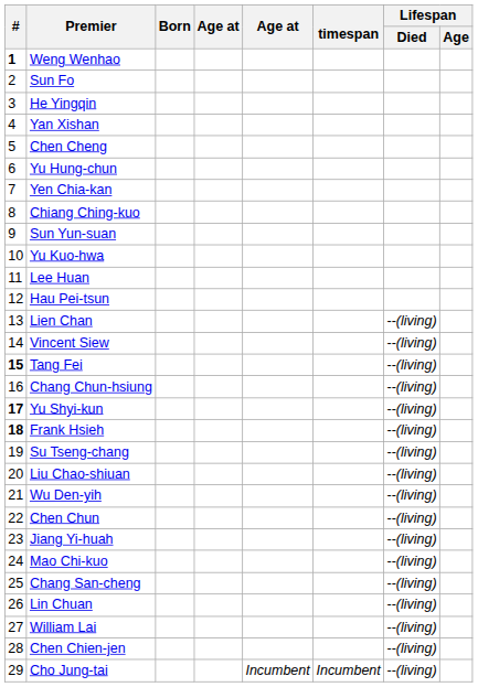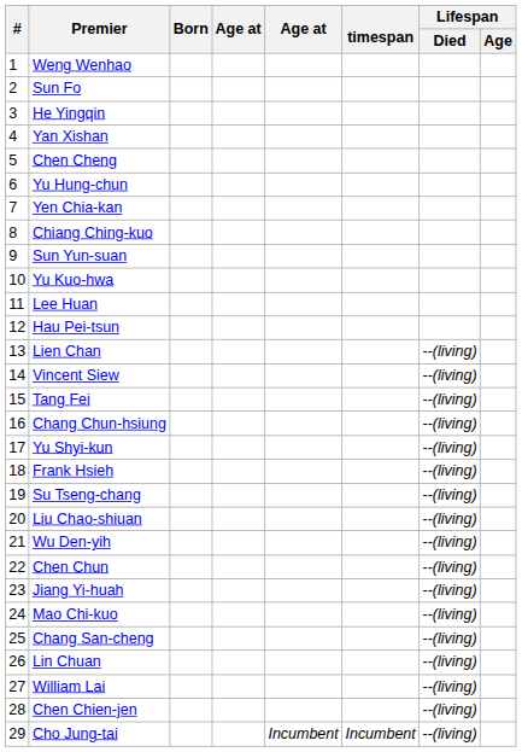 <table class="sortable wikitable">
 <tr>
 <th rowspan=2><abbr>#</abbr></th>
 <th rowspan=2>Premier</th>
 <th rowspan=2>Born</th>
 <th rowspan=2>Age at<br></th>
 <th rowspan=2>Age at<br></th>
 <th rowspan=2><br>timespan</th>
 <th colspan=2>Lifespan</th>
 </tr>
 <tr>
 <th>Died</th>
 <th>Age</th>
 </tr>
 <tr style="text-align: left; background:#FFFFFF">
-<td><strong>1</strong></td>
+<td>1</td>
 <td data-sort-value="Weng Wenhao"><a href='#'>Weng Wenhao</a></td>
 <td></td>
 <td><br></td>
 <td><br></td>
 <td></td>
 <td></td>
 <td></td>
 </tr>
 <tr style="text-align: left; background:#FFFFFF">
 <td>2</td>
 <td data-sort-value="Sun Fo"><a href='#'>Sun Fo</a></td>
 <td></td>
 <td><br></td>
 <td><br></td>
 <td></td>
 <td></td>
 <td></td>
 </tr>
 <tr style="text-align: left; background:#FFFFFF">
 <td>3</td>
 <td data-sort-value="He Yingqin"><a href='#'>He Yingqin</a></td>
 <td></td>
 <td><br></td>
 <td><br></td>
 <td></td>
 <td></td>
 <td></td>
 </tr>
 <tr style="text-align: left; background:#FFFFFF">
 <td>4</td>
 <td data-sort-value="Yan Xishan"><a href='#'>Yan Xishan</a></td>
 <td></td>
 <td><br></td>
 <td><br></td>
 <td></td>
 <td></td>
 <td></td>
 </tr>
 <tr style="text-align: left; background:#FFFFFF">
 <td>5</td>
 <td data-sort-value="Chen Cheng"><a href='#'>Chen Cheng</a></td>
 <td></td>
 <td><br></td>
 <td><br></td>
 <td></td>
 <td></td>
 <td></td>
 </tr>
 <tr style="text-align: left; background:#FFFFFF">
 <td>6</td>
 <td data-sort-value="Yu Hung-chun"><a href='#'>Yu Hung-chun</a></td>
 <td></td>
 <td><br></td>
 <td><br></td>
 <td></td>
 <td></td>
 <td></td>
 </tr>
 <tr style="text-align: left; background:#FFFFFF">
 <td>7</td>
 <td data-sort-value="Yen Chia-kan"><a href='#'>Yen Chia-kan</a></td>
 <td></td>
 <td><br></td>
 <td><br></td>
 <td></td>
 <td></td>
 <td></td>
 </tr>
 <tr style="text-align: left; background:#FFFFFF">
 <td>8</td>
 <td data-sort-value="Chiang Ching-kuo"><a href='#'>Chiang Ching-kuo</a></td>
 <td></td>
 <td><br></td>
 <td><br></td>
 <td></td>
 <td></td>
 <td></td>
 </tr>
 <tr style="text-align: left; background:#FFFFFF">
 <td>9</td>
 <td data-sort-value="Sun Yun-suan"><a href='#'>Sun Yun-suan</a></td>
 <td></td>
 <td><br></td>
 <td><br></td>
 <td></td>
 <td></td>
 <td></td>
 </tr>
 <tr style="text-align: left; background:#FFFFFF">
 <td>10</td>
 <td data-sort-value="Yu Kuo-hwa"><a href='#'>Yu Kuo-hwa</a></td>
 <td></td>
 <td><br></td>
 <td><br></td>
 <td></td>
 <td></td>
 <td></td>
 </tr>
 <tr style="text-align: left; background:#FFFFFF">
 <td>11</td>
 <td data-sort-value="Lee Huan"><a href='#'>Lee Huan</a></td>
 <td></td>
 <td><br></td>
 <td><br></td>
 <td></td>
 <td></td>
 <td></td>
 </tr>
 <tr style="text-align: left; background:#FFFFFF">
 <td>12</td>
 <td data-sort-value="Hau"><a href='#'>Hau Pei-tsun</a></td>
 <td></td>
 <td><br></td>
 <td><br></td>
 <td></td>
 <td></td>
 <td></td>
 </tr>
 <tr style="text-align: left; background:#FFFFFF">
 <td>13</td>
 <td data-sort-value="Lien"><a href='#'>Lien Chan</a></td>
 <td></td>
 <td><br></td>
 <td><br></td>
 <td><em></em></td>
 <td><span>--</span><em>(living)</em></td>
 <td><em></em></td>
 </tr>
 <tr style="text-align: left; background:#FFFFFF">
 <td>14</td>
 <td data-sort-value="Siew"><a href='#'>Vincent Siew</a></td>
 <td></td>
 <td><br></td>
 <td><br></td>
 <td><em></em></td>
 <td><span>--</span><em>(living)</em></td>
 <td><em></em></td>
 </tr>
 <tr style="text-align: left; background:#FFFFFF">
-<td><strong>15</strong></td>
+<td>15</td>
 <td data-sort-value="Tang"><a href='#'>Tang Fei</a></td>
 <td></td>
 <td><br></td>
 <td><br></td>
 <td><em></em></td>
 <td><span>--</span><em>(living)</em></td>
 <td><em></em></td>
 </tr>
 <tr style="text-align: left; background:#FFFFFF">
 <td>16</td>
 <td data-sort-value="Chang Chun-hsiung"><a href='#'>Chang Chun-hsiung</a></td>
 <td></td>
 <td><br></td>
 <td><br></td>
 <td><em></em></td>
 <td><span>--</span><em>(living)</em></td>
 <td><em></em></td>
 </tr>
 <tr style="text-align: left; background:#FFFFFF">
-<td><strong>17</strong></td>
+<td>17</td>
 <td data-sort-value="Yu Shyi-kun"><a href='#'>Yu Shyi-kun</a></td>
 <td></td>
 <td><br></td>
 <td><br></td>
 <td><em></em></td>
 <td><span>--</span><em>(living)</em></td>
 <td><em></em></td>
 </tr>
 <tr style="text-align: left; background:#FFFFFF">
-<td><strong>18</strong></td>
+<td>18</td>
 <td data-sort-value="Hsieh"><a href='#'>Frank Hsieh</a></td>
 <td></td>
 <td><br></td>
 <td><br></td>
 <td><em></em></td>
 <td><span>--</span><em>(living)</em></td>
 <td><em></em></td>
 </tr>
 <tr style="text-align: left; background:#FFFFFF">
 <td>19</td>
 <td data-sort-value="Su"><a href='#'>Su Tseng-chang</a></td>
 <td></td>
 <td><br></td>
 <td><br></td>
 <td><em></em></td>
 <td><span>--</span><em>(living)</em></td>
 <td><em></em></td>
 </tr>
 <tr style="text-align: left; background:#FFFFFF">
 <td>20</td>
 <td data-sort-value="Liu Chao-shiuan"><a href='#'>Liu Chao-shiuan</a></td>
 <td></td>
 <td><br></td>
 <td><br></td>
 <td><em></em></td>
 <td><span>--</span><em>(living)</em></td>
 <td><em></em></td>
 </tr>
 <tr style="text-align: left; background:#FFFFFF">
 <td>21</td>
 <td data-sort-value="Wu"><a href='#'>Wu Den-yih</a></td>
 <td></td>
 <td><br></td>
 <td><br></td>
 <td><em></em></td>
 <td><span>--</span><em>(living)</em></td>
 <td><em></em></td>
 </tr>
 <tr style="text-align: left; background:#FFFFFF">
 <td>22</td>
 <td data-sort-value="Chen Chun"><a href='#'>Chen Chun</a></td>
 <td></td>
 <td><br></td>
 <td><br></td>
 <td><em></em></td>
 <td><span>--</span><em>(living)</em></td>
 <td><em></em></td>
 </tr>
 <tr style="text-align: left; background:#FFFFFF">
 <td>23</td>
 <td data-sort-value="Jiang"><a href='#'>Jiang Yi-huah</a></td>
 <td></td>
 <td><br></td>
 <td><br></td>
 <td><em></em></td>
 <td><span>--</span><em>(living)</em></td>
 <td><em></em></td>
 </tr>
 <tr style="text-align: left; background:#FFFFFF">
 <td>24</td>
 <td data-sort-value="Mao"><a href='#'>Mao Chi-kuo</a></td>
 <td></td>
 <td><br></td>
 <td><br></td>
 <td><em></em></td>
 <td><span>--</span><em>(living)</em></td>
 <td><em></em></td>
 </tr>
 <tr style="text-align: left; background:#FFFFFF">
 <td>25</td>
 <td data-sort-value="Chang San-cheng"><a href='#'>Chang San-cheng</a></td>
 <td></td>
 <td><br></td>
 <td><br></td>
 <td><em></em></td>
 <td><span>--</span><em>(living)</em></td>
 <td><em></em></td>
 </tr>
 <tr style="text-align: left; background:#FFFFFF">
 <td>26</td>
 <td data-sort-value="Lin Chuan"><a href='#'>Lin Chuan</a></td>
 <td></td>
 <td><br></td>
 <td><br></td>
 <td><em></em></td>
 <td><span>--</span><em>(living)</em></td>
 <td><em></em></td>
 </tr>
 <tr style="text-align: left; background:#FFFFFF">
 <td>27</td>
 <td data-sort-value="Lai"><a href='#'>William Lai</a></td>
 <td></td>
 <td><br></td>
 <td><br></td>
 <td><em></em></td>
 <td><span>--</span><em>(living)</em></td>
 <td><em></em></td>
 </tr>
 <tr style="text-align: left; background:#FFFFFF">
 <td>28</td>
 <td data-sort-value="Chen Chien-jen"><a href='#'>Chen Chien-jen</a></td>
 <td></td>
 <td><br></td>
 <td><br></td>
 <td><em></em></td>
 <td><span>--</span><em>(living)</em></td>
 <td><em></em></td>
 </tr>
 <tr style="text-align: left; background:#FFFFFF">
 <td>29</td>
 <td data-sort-value="Cho"><a href='#'>Cho Jung-tai</a></td>
 <td></td>
 <td><br></td>
 <td><span></span><em>Incumbent</em></td>
 <td><em>Incumbent</em></td>
 <td><span>--</span><em>(living)</em></td>
 <td><em></em></td>
 </tr>
 </table>
